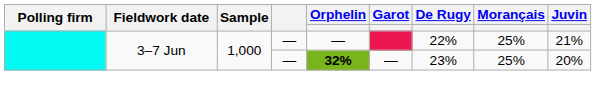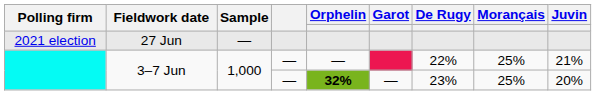 <table class="wikitable" style="text-align:center;font-size:90%;line-height:14px;">
 <tr>
 <th rowspan="2" style="width:100px;">Polling firm</th>
 <th rowspan="2" style="width:110px;">Fieldwork date</th>
 <th rowspan="2" style="width:35px;">Sample</th>
 <th rowspan="2" style="width:30px;"></th>
 <th><a href='#'>Orphelin</a><br></th>
 <th><a href='#'>Garot</a><br></th>
 <th><a href='#'>De Rugy</a><br></th>
 <th><a href='#'>Morançais</a><br></th>
 <th><a href='#'>Juvin</a><br></th>
 </tr>
 <tr>
 <th style="background:"></th>
 <th style="background:"></th>
 <th style="background:"></th>
 <th style="background:"></th>
 <th style="background:"></th>
+</tr>
+<tr style="background:#E9E9E9;">
+<td><a href='#'>2021 election</a></td>
+<td data-sort-value="2021-06-27">27 Jun</td>
+<td>—</td>
+<td></td>
+<td></td>
+<td></td>
+<td></td>
+<td></td>
+<td></td>
 </tr>
 <tr>
 <td rowspan="2" style="background:#04FBF4;"></td>
 <td rowspan="2">3–7 Jun</td>
 <td rowspan="2">1,000</td>
 <td>—</td>
 <td>—</td>
 <td style="background:#ED1651;"></td>
 <td>22%</td>
 <td>25%</td>
 <td>21%</td>
 </tr>
 <tr>
 <td>—</td>
 <td style="background:#79B41D;"><strong>32%</strong></td>
 <td>—</td>
 <td>23%</td>
 <td>25%</td>
 <td>20%</td>
 </tr>
 </table>
